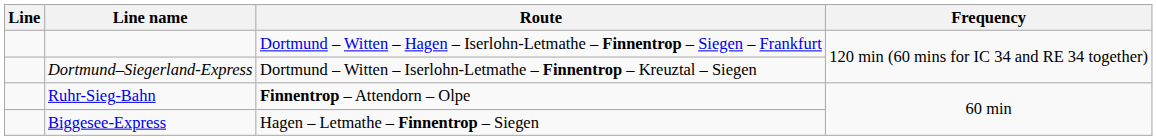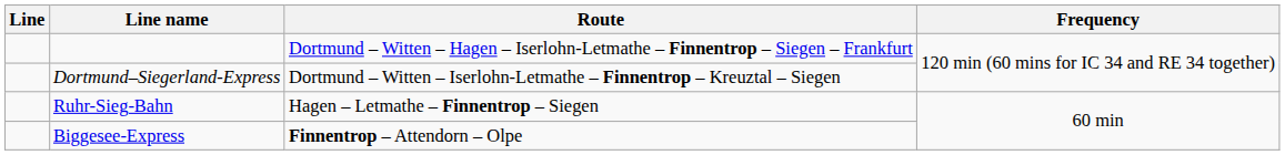 <table class="wikitable">
 <tr>
 <th>Line</th>
 <th>Line name</th>
 <th>Route</th>
 <th>Frequency</th>
 </tr>
 <tr>
 <td></td>
 <td></td>
 <td><a href='#'>Dortmund</a> – <a href='#'>Witten</a> – <a href='#'>Hagen</a> – Iserlohn-Letmathe – <strong>Finnentrop</strong> – <a href='#'>Siegen</a> – <a href='#'>Frankfurt</a></td>
 <td rowspan="2">120 min (60 mins for IC 34 and RE 34 together)</td>
 </tr>
 <tr>
 <td></td>
 <td><em>Dortmund–Siegerland-Express</em></td>
 <td>Dortmund – Witten – Iserlohn-Letmathe – <strong>Finnentrop</strong> – Kreuztal – Siegen</td>
 </tr>
 <tr>
 <td></td>
 <td><a href='#'>Ruhr-Sieg-Bahn</a></td>
-<td><strong>Finnentrop</strong> – Attendorn – Olpe</td>
+<td>Hagen – Letmathe – <strong>Finnentrop</strong> – Siegen</td>
 <td rowspan="2" align="center">60 min</td>
 </tr>
 <tr>
 <td></td>
 <td><a href='#'>Biggesee-Express</a></td>
-<td>Hagen – Letmathe – <strong>Finnentrop</strong> – Siegen</td>
+<td><strong>Finnentrop</strong> – Attendorn – Olpe</td>
 </tr>
 </table>
